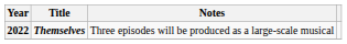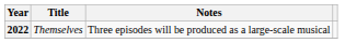 <table class="wikitable plainrowheaders">
 <tr>
 <th scope="col">Year</th>
 <th scope="col">Title</th>
 <th scope="col">Notes</th>
 <th scope="col" class="unsortable"></th>
 </tr>
 <tr>
 <th scope="row">2022</th>
-<td><strong><em>Themselves</em></strong></td>
+<td><em>Themselves</em></td>
 <td>Three episodes will be produced as a large-scale musical</td>
 <td></td>
 </tr>
 <tr>
 </tr>
 </table>
